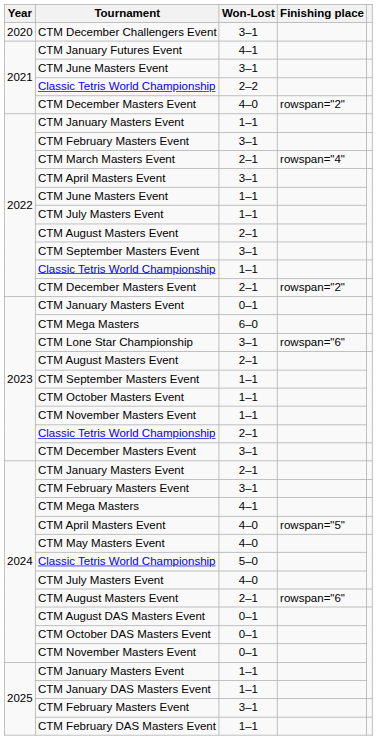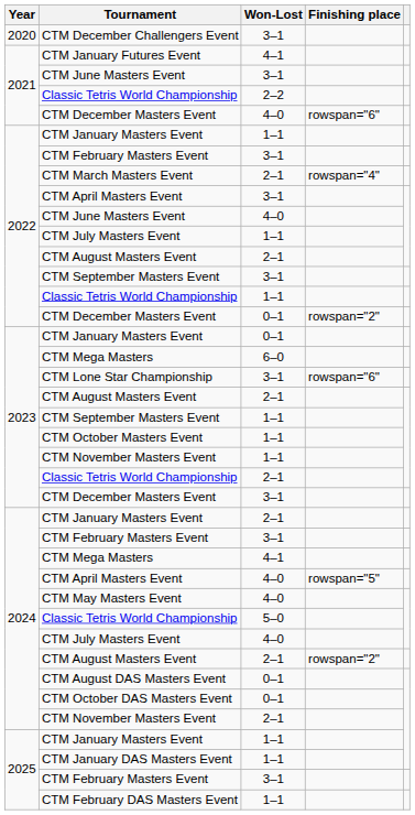 <table class="sortable wikitable plainrowheaders">
 <tr>
 <th scope="col">Year</th>
 <th scope="col">Tournament</th>
 <th scope="col">Won-Lost</th>
 <th scope="col">Finishing place</th>
 <th scope="col" align="center" class=unsortable></th>
 </tr>
 <tr>
 <td>2020</td>
 <td>CTM December Challengers Event</td>
 <td align="center">3–1</td>
 <td></td>
 <td align="center"></td>
 </tr>
 <tr>
 <td rowspan="4">2021</td>
 <td>CTM January Futures Event</td>
 <td align="center">4–1</td>
 <td></td>
 <td align="center"></td>
 </tr>
 <tr>
 <td>CTM June Masters Event</td>
 <td align="center">3–1</td>
 <td></td>
 <td align="center"></td>
 </tr>
 <tr>
 <td><a href='#'>Classic Tetris World Championship</a></td>
 <td align="center">2–2</td>
 <td></td>
 <td align="center"></td>
 </tr>
 <tr>
 <td>CTM December Masters Event</td>
 <td align="center">4–0</td>
-<td>rowspan="2" </td>
+<td>rowspan="6" </td>
 <td align="center"></td>
 </tr>
 <tr>
 <td rowspan="10">2022</td>
 <td>CTM January Masters Event</td>
 <td align="center">1–1</td>
 <td align="center"></td>
 </tr>
 <tr>
 <td>CTM February Masters Event</td>
 <td align="center">3–1</td>
 <td></td>
 <td align="center"></td>
 </tr>
 <tr>
 <td>CTM March Masters Event</td>
 <td align="center">2–1</td>
 <td>rowspan="4" </td>
 <td align="center"></td>
 </tr>
 <tr>
 <td>CTM April Masters Event</td>
 <td align="center">3–1</td>
 <td align="center"></td>
 </tr>
 <tr>
 <td>CTM June Masters Event</td>
-<td align="center">1–1</td>
+<td align="center">4–0</td>
 <td align="center"></td>
 </tr>
 <tr>
 <td>CTM July Masters Event</td>
 <td align="center">1–1</td>
 <td align="center"></td>
 </tr>
 <tr>
 <td>CTM August Masters Event</td>
 <td align="center">2–1</td>
 <td align="center"></td>
 </tr>
 <tr>
 <td>CTM September Masters Event</td>
 <td align="center">3–1</td>
 <td></td>
 <td align="center"></td>
 </tr>
 <tr>
 <td><a href='#'>Classic Tetris World Championship</a></td>
 <td align="center">1–1</td>
 <td></td>
 <td align="center"></td>
 </tr>
 <tr>
 <td>CTM December Masters Event</td>
-<td align="center">2–1</td>
+<td align="center">0–1</td>
 <td>rowspan="2" </td>
 <td align="center"></td>
 </tr>
 <tr>
 <td rowspan="9">2023</td>
 <td>CTM January Masters Event</td>
 <td align="center">0–1</td>
 <td align="center"></td>
 </tr>
 <tr>
 <td>CTM Mega Masters</td>
 <td align="center">6–0</td>
 <td></td>
 <td align="center"></td>
 </tr>
 <tr>
 <td>CTM Lone Star Championship</td>
 <td align="center">3–1</td>
 <td>rowspan="6" </td>
 <td align="center"></td>
 </tr>
 <tr>
 <td>CTM August Masters Event</td>
 <td align="center">2–1</td>
 <td align="center"></td>
 </tr>
 <tr>
 <td>CTM September Masters Event</td>
 <td align="center">1–1</td>
 <td align="center"></td>
 </tr>
 <tr>
 <td>CTM October Masters Event</td>
 <td align="center">1–1</td>
 <td align="center"></td>
 </tr>
 <tr>
 <td>CTM November Masters Event</td>
 <td align="center">1–1</td>
 <td align="center"></td>
 </tr>
 <tr>
 <td><a href='#'>Classic Tetris World Championship</a></td>
 <td align="center">2–1</td>
 <td align="center"></td>
 </tr>
 <tr>
 <td>CTM December Masters Event</td>
 <td align="center">3–1</td>
 <td></td>
 <td align="center"></td>
 </tr>
 <tr>
 <td rowspan="11">2024</td>
 <td>CTM January Masters Event</td>
 <td align="center">2–1</td>
 <td></td>
 <td align="center"></td>
 </tr>
 <tr>
 <td>CTM February Masters Event</td>
 <td align="center">3–1</td>
 <td></td>
 <td align="center"></td>
 </tr>
 <tr>
 <td>CTM Mega Masters</td>
 <td align="center">4–1</td>
 <td></td>
 <td align="center"></td>
 </tr>
 <tr>
 <td>CTM April Masters Event</td>
 <td align="center">4–0</td>
 <td>rowspan="5" </td>
 <td align="center"></td>
 </tr>
 <tr>
 <td>CTM May Masters Event</td>
 <td align="center">4–0</td>
 <td align="center"></td>
 </tr>
 <tr>
 <td><a href='#'>Classic Tetris World Championship</a></td>
 <td align="center">5–0</td>
 <td align="center"></td>
 </tr>
 <tr>
 <td>CTM July Masters Event</td>
 <td align="center">4–0</td>
 <td align="center"></td>
 </tr>
 <tr>
 <td>CTM August Masters Event</td>
 <td align="center">2–1</td>
-<td>rowspan="6" </td>
+<td>rowspan="2" </td>
 <td align="center"></td>
 </tr>
 <tr>
 <td>CTM August DAS Masters Event</td>
 <td align="center">0–1</td>
 <td align="center"></td>
 </tr>
 <tr>
 <td>CTM October DAS Masters Event</td>
 <td align="center">0–1</td>
 <td align="center"></td>
 </tr>
 <tr>
 <td>CTM November Masters Event</td>
-<td align="center">0–1</td>
+<td align="center">2–1</td>
 <td align="center"></td>
 </tr>
 <tr>
 <td rowspan="4">2025</td>
 <td>CTM January Masters Event</td>
 <td align="center">1–1</td>
 <td align="center"></td>
 </tr>
 <tr>
 <td>CTM January DAS Masters Event</td>
 <td align="center">1–1</td>
 <td align="center"></td>
 </tr>
 <tr>
 <td>CTM February Masters Event</td>
 <td align="center">3–1</td>
 <td></td>
 <td align="center"></td>
 </tr>
 <tr>
 <td>CTM February DAS Masters Event</td>
 <td align="center">1–1</td>
 <td></td>
 <td align="center"></td>
 </tr>
 </table>
